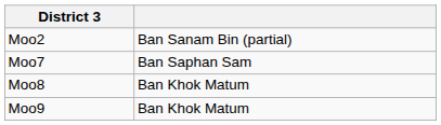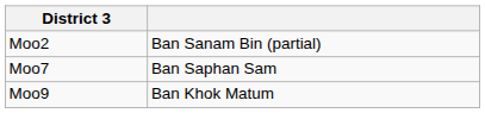 <table class="wikitable" style="width:30%;display:inline-table;">
 <tr>
 <th>District 3</th>
 <th></th>
 </tr>
 <tr>
 <td>Moo2</td>
 <td>Ban Sanam Bin (partial)</td>
 </tr>
 <tr>
 <td>Moo7</td>
 <td>Ban Saphan Sam</td>
 </tr>
 <tr>
-<td>Moo8</td>
-<td>Ban Khok Matum</td>
-</tr>
-<tr>
 <td>Moo9</td>
 <td>Ban Khok Matum</td>
 </tr>
 </table>
